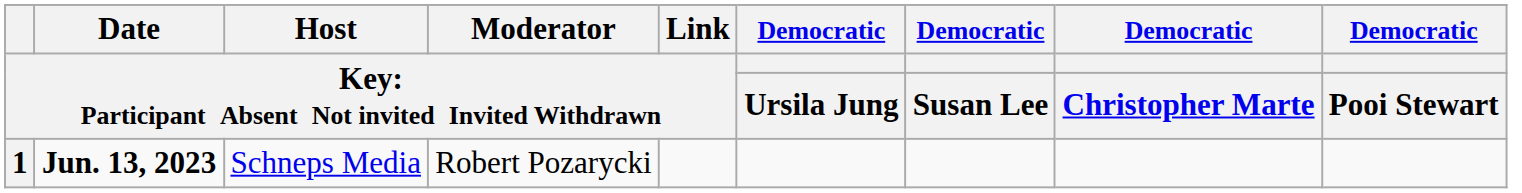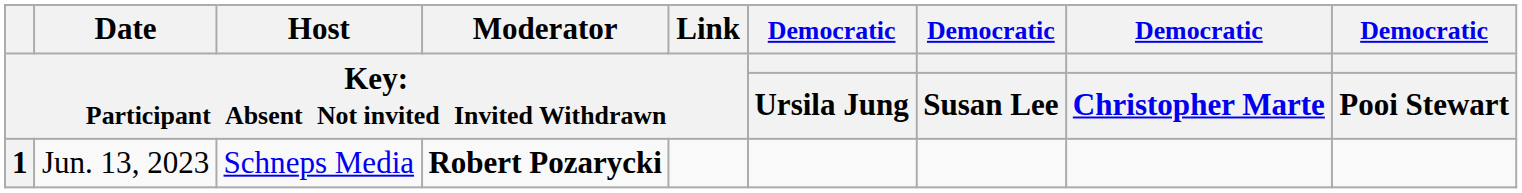 <table class="wikitable" style="text-align:center;">
 <tr>
 <th scope="col"></th>
 <th scope="col">Date</th>
 <th scope="col">Host</th>
 <th scope="col">Moderator</th>
 <th scope="col">Link</th>
 <th scope="col"><small><a href='#'>Democratic</a></small></th>
 <th scope="col"><small><a href='#'>Democratic</a></small></th>
 <th scope="col"><small><a href='#'>Democratic</a></small></th>
 <th scope="col"><small><a href='#'>Democratic</a></small></th>
 </tr>
 <tr>
 <th colspan="5" rowspan="2">Key:<br> <small>Participant </small>  <small>Absent </small>  <small>Not invited </small>  <small>Invited  Withdrawn</small></th>
 <th scope="col" style="background:"></th>
 <th scope="col" style="background:"></th>
 <th scope="col" style="background:"></th>
 <th scope="col" style="background:"></th>
 </tr>
 <tr>
 <th scope="col">Ursila Jung</th>
 <th scope="col">Susan Lee</th>
 <th scope="col"><a href='#'>Christopher Marte</a></th>
 <th scope="col">Pooi Stewart</th>
 </tr>
 <tr>
 <th>1</th>
-<td style="white-space:nowrap;"><strong>Jun. 13, 2023</strong></td>
+<td style="white-space:nowrap;">Jun. 13, 2023</td>
 <td style="white-space:nowrap;"><a href='#'>Schneps Media</a></td>
-<td style="white-space:nowrap;">Robert Pozarycki</td>
+<td style="white-space:nowrap;"><strong>Robert Pozarycki</strong></td>
 <td style="white-space:nowrap;"></td>
 <td></td>
 <td></td>
 <td></td>
 <td></td>
 </tr>
 </table>
